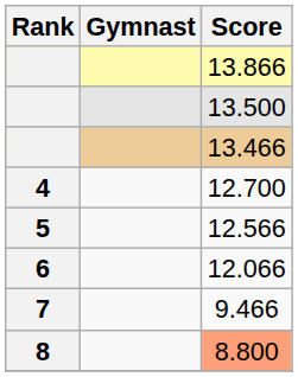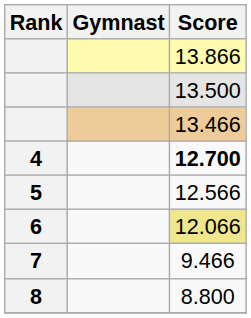 <table class="wikitable sortable" style="text-align:center; font-size:95%">
 <tr>
 <th scope=col>Rank</th>
 <th scope=col>Gymnast</th>
 <th scope=col>Score</th>
 </tr>
 <tr bgcolor=fffcaf>
 <th scope=row style="text-align:center"></th>
 <td align=left></td>
 <td>13.866</td>
 </tr>
 <tr bgcolor=e5e5e5>
 <th scope=row style="text-align:center"></th>
 <td align=left></td>
 <td>13.500</td>
 </tr>
 <tr bgcolor=eecc99>
 <th scope=row style="text-align:center"></th>
 <td align=left></td>
 <td>13.466</td>
 </tr>
 <tr>
 <th>4</th>
 <td align=left></td>
-<td>12.700</td>
+<td><strong>12.700</strong></td>
 </tr>
 <tr>
 <th>5</th>
 <td align=left></td>
 <td>12.566</td>
 </tr>
 <tr>
 <th>6</th>
 <td align=left></td>
-<td>12.066</td>
+<td style="background: khaki;">12.066</td>
 </tr>
 <tr>
 <th>7</th>
 <td align=left></td>
 <td>9.466</td>
 </tr>
 <tr>
 <th>8</th>
 <td align=left></td>
-<td style="background: lightsalmon;">8.800</td>
+<td>8.800</td>
 </tr>
 <tr>
 </tr>
 </table>
